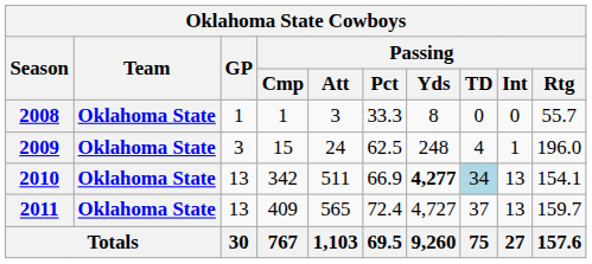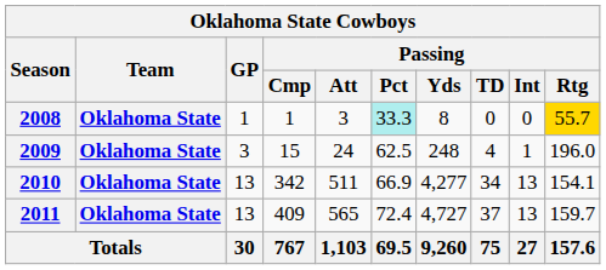 <table class="wikitable" style="text-align:center;">
 <tr>
 <th colspan="10">Oklahoma State Cowboys</th>
 </tr>
 <tr>
 <th rowspan="2">Season</th>
 <th rowspan="2">Team</th>
 <th rowspan="2">GP</th>
 <th colspan="7">Passing</th>
 </tr>
 <tr>
 <th>Cmp</th>
 <th>Att</th>
 <th>Pct</th>
 <th>Yds</th>
 <th>TD</th>
 <th>Int</th>
 <th>Rtg</th>
 </tr>
 <tr>
 <th><a href='#'>2008</a></th>
 <th><a href='#'>Oklahoma State</a></th>
 <td>1</td>
 <td>1</td>
 <td>3</td>
-<td>33.3</td>
+<td style="background: paleturquoise;">33.3</td>
 <td>8</td>
 <td>0</td>
 <td>0</td>
-<td>55.7</td>
+<td style="background: gold;">55.7</td>
 </tr>
 <tr>
 <th><a href='#'>2009</a></th>
 <th><a href='#'>Oklahoma State</a></th>
 <td>3</td>
 <td>15</td>
 <td>24</td>
 <td>62.5</td>
 <td>248</td>
 <td>4</td>
 <td>1</td>
 <td>196.0</td>
 </tr>
 <tr>
 <th><a href='#'>2010</a></th>
 <th><a href='#'>Oklahoma State</a></th>
 <td>13</td>
 <td>342</td>
 <td>511</td>
 <td>66.9</td>
-<td><strong>4,277</strong></td>
-<td style="background: lightblue;">34</td>
+<td>4,277</td>
+<td>34</td>
 <td>13</td>
 <td>154.1</td>
 </tr>
 <tr>
 <th><a href='#'>2011</a></th>
 <th><a href='#'>Oklahoma State</a></th>
 <td>13</td>
 <td>409</td>
 <td>565</td>
 <td>72.4</td>
 <td>4,727</td>
 <td>37</td>
 <td>13</td>
 <td>159.7</td>
 </tr>
 <tr>
 <th colspan="2">Totals</th>
 <th>30</th>
 <th>767</th>
 <th>1,103</th>
 <th>69.5</th>
 <th>9,260</th>
 <th>75</th>
 <th>27</th>
 <th>157.6</th>
 </tr>
 </table>
